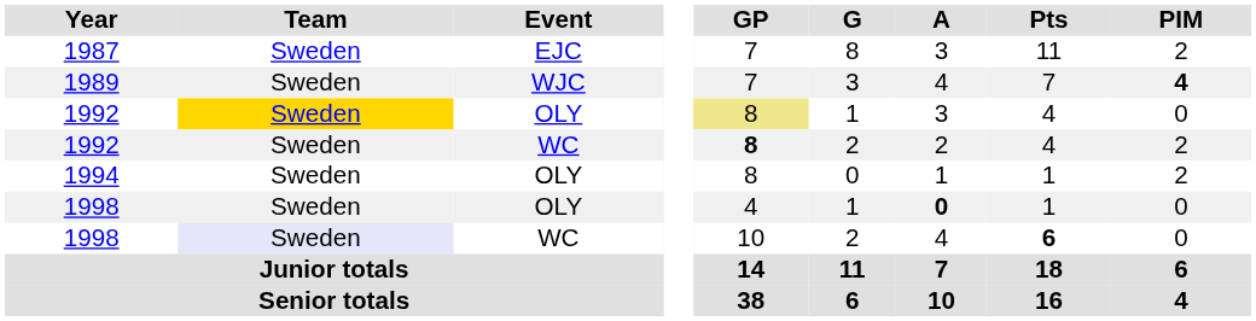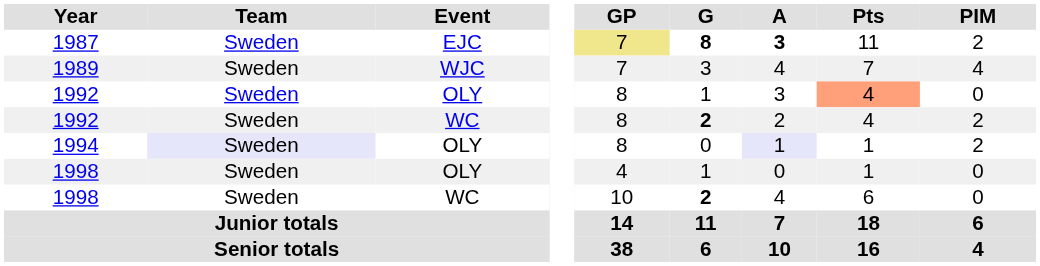 <table border="0" cellpadding="1" cellspacing="0" style="text-align:center; width:50em">
 <tr ALIGN="center" bgcolor="#e0e0e0">
 <th>Year</th>
 <th>Team</th>
 <th>Event</th>
 <th rowspan="99" bgcolor="#ffffff"> </th>
 <th>GP</th>
 <th>G</th>
 <th>A</th>
 <th>Pts</th>
 <th>PIM</th>
 </tr>
 <tr>
 <td><a href='#'>1987</a></td>
 <td><a href='#'>Sweden</a></td>
 <td><a href='#'>EJC</a></td>
-<td>7</td>
-<td>8</td>
-<td>3</td>
+<td style="background: khaki;">7</td>
+<td><strong>8</strong></td>
+<td><strong>3</strong></td>
 <td>11</td>
 <td>2</td>
 </tr>
 <tr bgcolor="#f0f0f0">
 <td><a href='#'>1989</a></td>
 <td>Sweden</td>
 <td><a href='#'>WJC</a></td>
 <td>7</td>
 <td>3</td>
 <td>4</td>
 <td>7</td>
-<td><strong>4</strong></td>
+<td>4</td>
 </tr>
 <tr>
 <td><a href='#'>1992</a></td>
-<td style="background: gold;"><a href='#'>Sweden</a></td>
+<td><a href='#'>Sweden</a></td>
 <td><a href='#'>OLY</a></td>
-<td style="background: khaki;">8</td>
+<td>8</td>
 <td>1</td>
 <td>3</td>
-<td>4</td>
+<td style="background: lightsalmon;">4</td>
 <td>0</td>
 </tr>
 <tr bgcolor="#f0f0f0">
 <td><a href='#'>1992</a></td>
 <td>Sweden</td>
 <td><a href='#'>WC</a></td>
-<td><strong>8</strong></td>
-<td>2</td>
+<td>8</td>
+<td><strong>2</strong></td>
 <td>2</td>
 <td>4</td>
 <td>2</td>
 </tr>
 <tr>
 <td><a href='#'>1994</a></td>
-<td>Sweden</td>
+<td style="background: lavender;">Sweden</td>
 <td>OLY</td>
 <td>8</td>
 <td>0</td>
-<td>1</td>
+<td style="background: lavender;">1</td>
 <td>1</td>
 <td>2</td>
 </tr>
 <tr bgcolor="#f0f0f0">
 <td><a href='#'>1998</a></td>
 <td>Sweden</td>
 <td>OLY</td>
 <td>4</td>
 <td>1</td>
-<td><strong>0</strong></td>
+<td>0</td>
 <td>1</td>
 <td>0</td>
 </tr>
 <tr>
 <td><a href='#'>1998</a></td>
-<td style="background: lavender;">Sweden</td>
+<td>Sweden</td>
 <td>WC</td>
 <td>10</td>
-<td>2</td>
+<td><strong>2</strong></td>
 <td>4</td>
-<td><strong>6</strong></td>
+<td>6</td>
 <td>0</td>
 </tr>
 <tr bgcolor="#e0e0e0">
 <th colspan=3>Junior totals</th>
 <th>14</th>
 <th>11</th>
 <th>7</th>
 <th>18</th>
 <th>6</th>
 </tr>
 <tr bgcolor="#e0e0e0">
 <th colspan=3>Senior totals</th>
 <th>38</th>
 <th>6</th>
 <th>10</th>
 <th>16</th>
 <th>4</th>
 </tr>
 </table>
